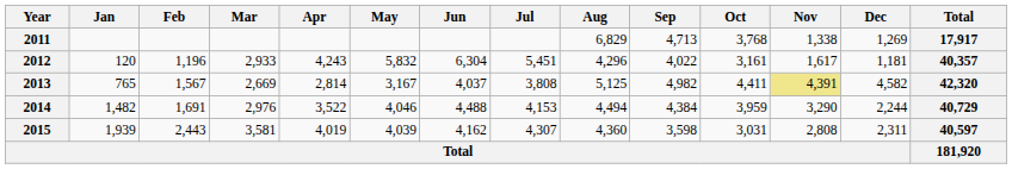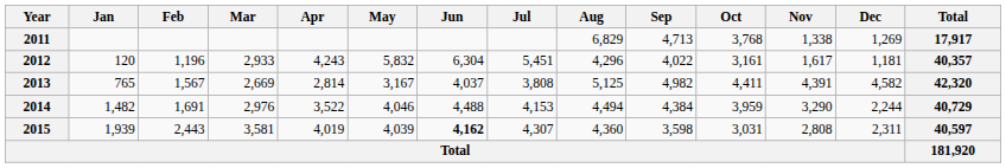 <table class=wikitable style="text-align:right; font-size:0.9em; width:1050px;">
 <tr>
 <th>Year</th>
 <th>Jan</th>
 <th>Feb</th>
 <th>Mar</th>
 <th>Apr</th>
 <th>May</th>
 <th>Jun</th>
 <th>Jul</th>
 <th>Aug</th>
 <th>Sep</th>
 <th>Oct</th>
 <th>Nov</th>
 <th>Dec</th>
 <th>Total</th>
 </tr>
 <tr>
 <th>2011</th>
 <td></td>
 <td></td>
 <td></td>
 <td></td>
 <td></td>
 <td></td>
 <td></td>
 <td>6,829</td>
 <td>4,713</td>
 <td>3,768</td>
 <td>1,338</td>
 <td>1,269</td>
 <th>17,917</th>
 </tr>
 <tr>
 <th>2012</th>
 <td>120</td>
 <td>1,196</td>
 <td>2,933</td>
 <td>4,243</td>
 <td>5,832</td>
 <td>6,304</td>
 <td>5,451</td>
 <td>4,296</td>
 <td>4,022</td>
 <td>3,161</td>
 <td>1,617</td>
 <td>1,181</td>
 <th>40,357</th>
 </tr>
 <tr>
 <th>2013</th>
 <td>765</td>
 <td>1,567</td>
 <td>2,669</td>
 <td>2,814</td>
 <td>3,167</td>
 <td>4,037</td>
 <td>3,808</td>
 <td>5,125</td>
 <td>4,982</td>
 <td>4,411</td>
-<td style="background: khaki;">4,391</td>
+<td>4,391</td>
 <td>4,582</td>
 <th>42,320</th>
 </tr>
 <tr>
 <th>2014</th>
 <td>1,482</td>
 <td>1,691</td>
 <td>2,976</td>
 <td>3,522</td>
 <td>4,046</td>
 <td>4,488</td>
 <td>4,153</td>
 <td>4,494</td>
 <td>4,384</td>
 <td>3,959</td>
 <td>3,290</td>
 <td>2,244</td>
 <th>40,729</th>
 </tr>
 <tr>
 <th>2015</th>
 <td>1,939</td>
 <td>2,443</td>
 <td>3,581</td>
 <td>4,019</td>
 <td>4,039</td>
-<td>4,162</td>
+<td><strong>4,162</strong></td>
 <td>4,307</td>
 <td>4,360</td>
 <td>3,598</td>
 <td>3,031</td>
 <td>2,808</td>
 <td>2,311</td>
 <th>40,597</th>
 </tr>
 <tr>
 <th colspan=13>Total</th>
 <th>181,920</th>
 </tr>
 </table>
